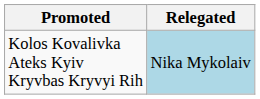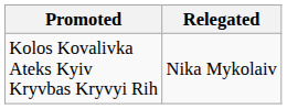 <table class="wikitable">
 <tr>
 <th>Promoted</th>
 <th>Relegated</th>
 </tr>
 <tr>
 <td>Kolos Kovalivka<br>Ateks Kyiv<br>Kryvbas Kryvyi Rih </td>
-<td style="background: lightblue;">Nika Mykolaiv</td>
+<td>Nika Mykolaiv</td>
 </tr>
 </table>
